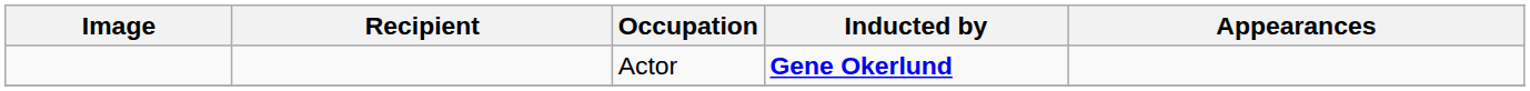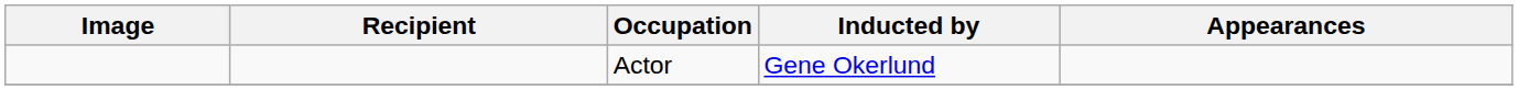 <table class="wikitable" style="font-size: 95%">
 <tr>
 <th class="unsortable">Image</th>
 <th style="width:25%;">Recipient<br></th>
 <th style="width:10%;">Occupation</th>
 <th style="width:20%;">Inducted by</th>
 <th class="unsortable">Appearances</th>
 </tr>
 <tr>
 <td></td>
 <td><br></td>
 <td>Actor</td>
-<td><strong><a href='#'>Gene Okerlund</a></strong></td>
+<td><a href='#'>Gene Okerlund</a></td>
 <td></td>
 </tr>
 <tr>
 </tr>
 </table>
